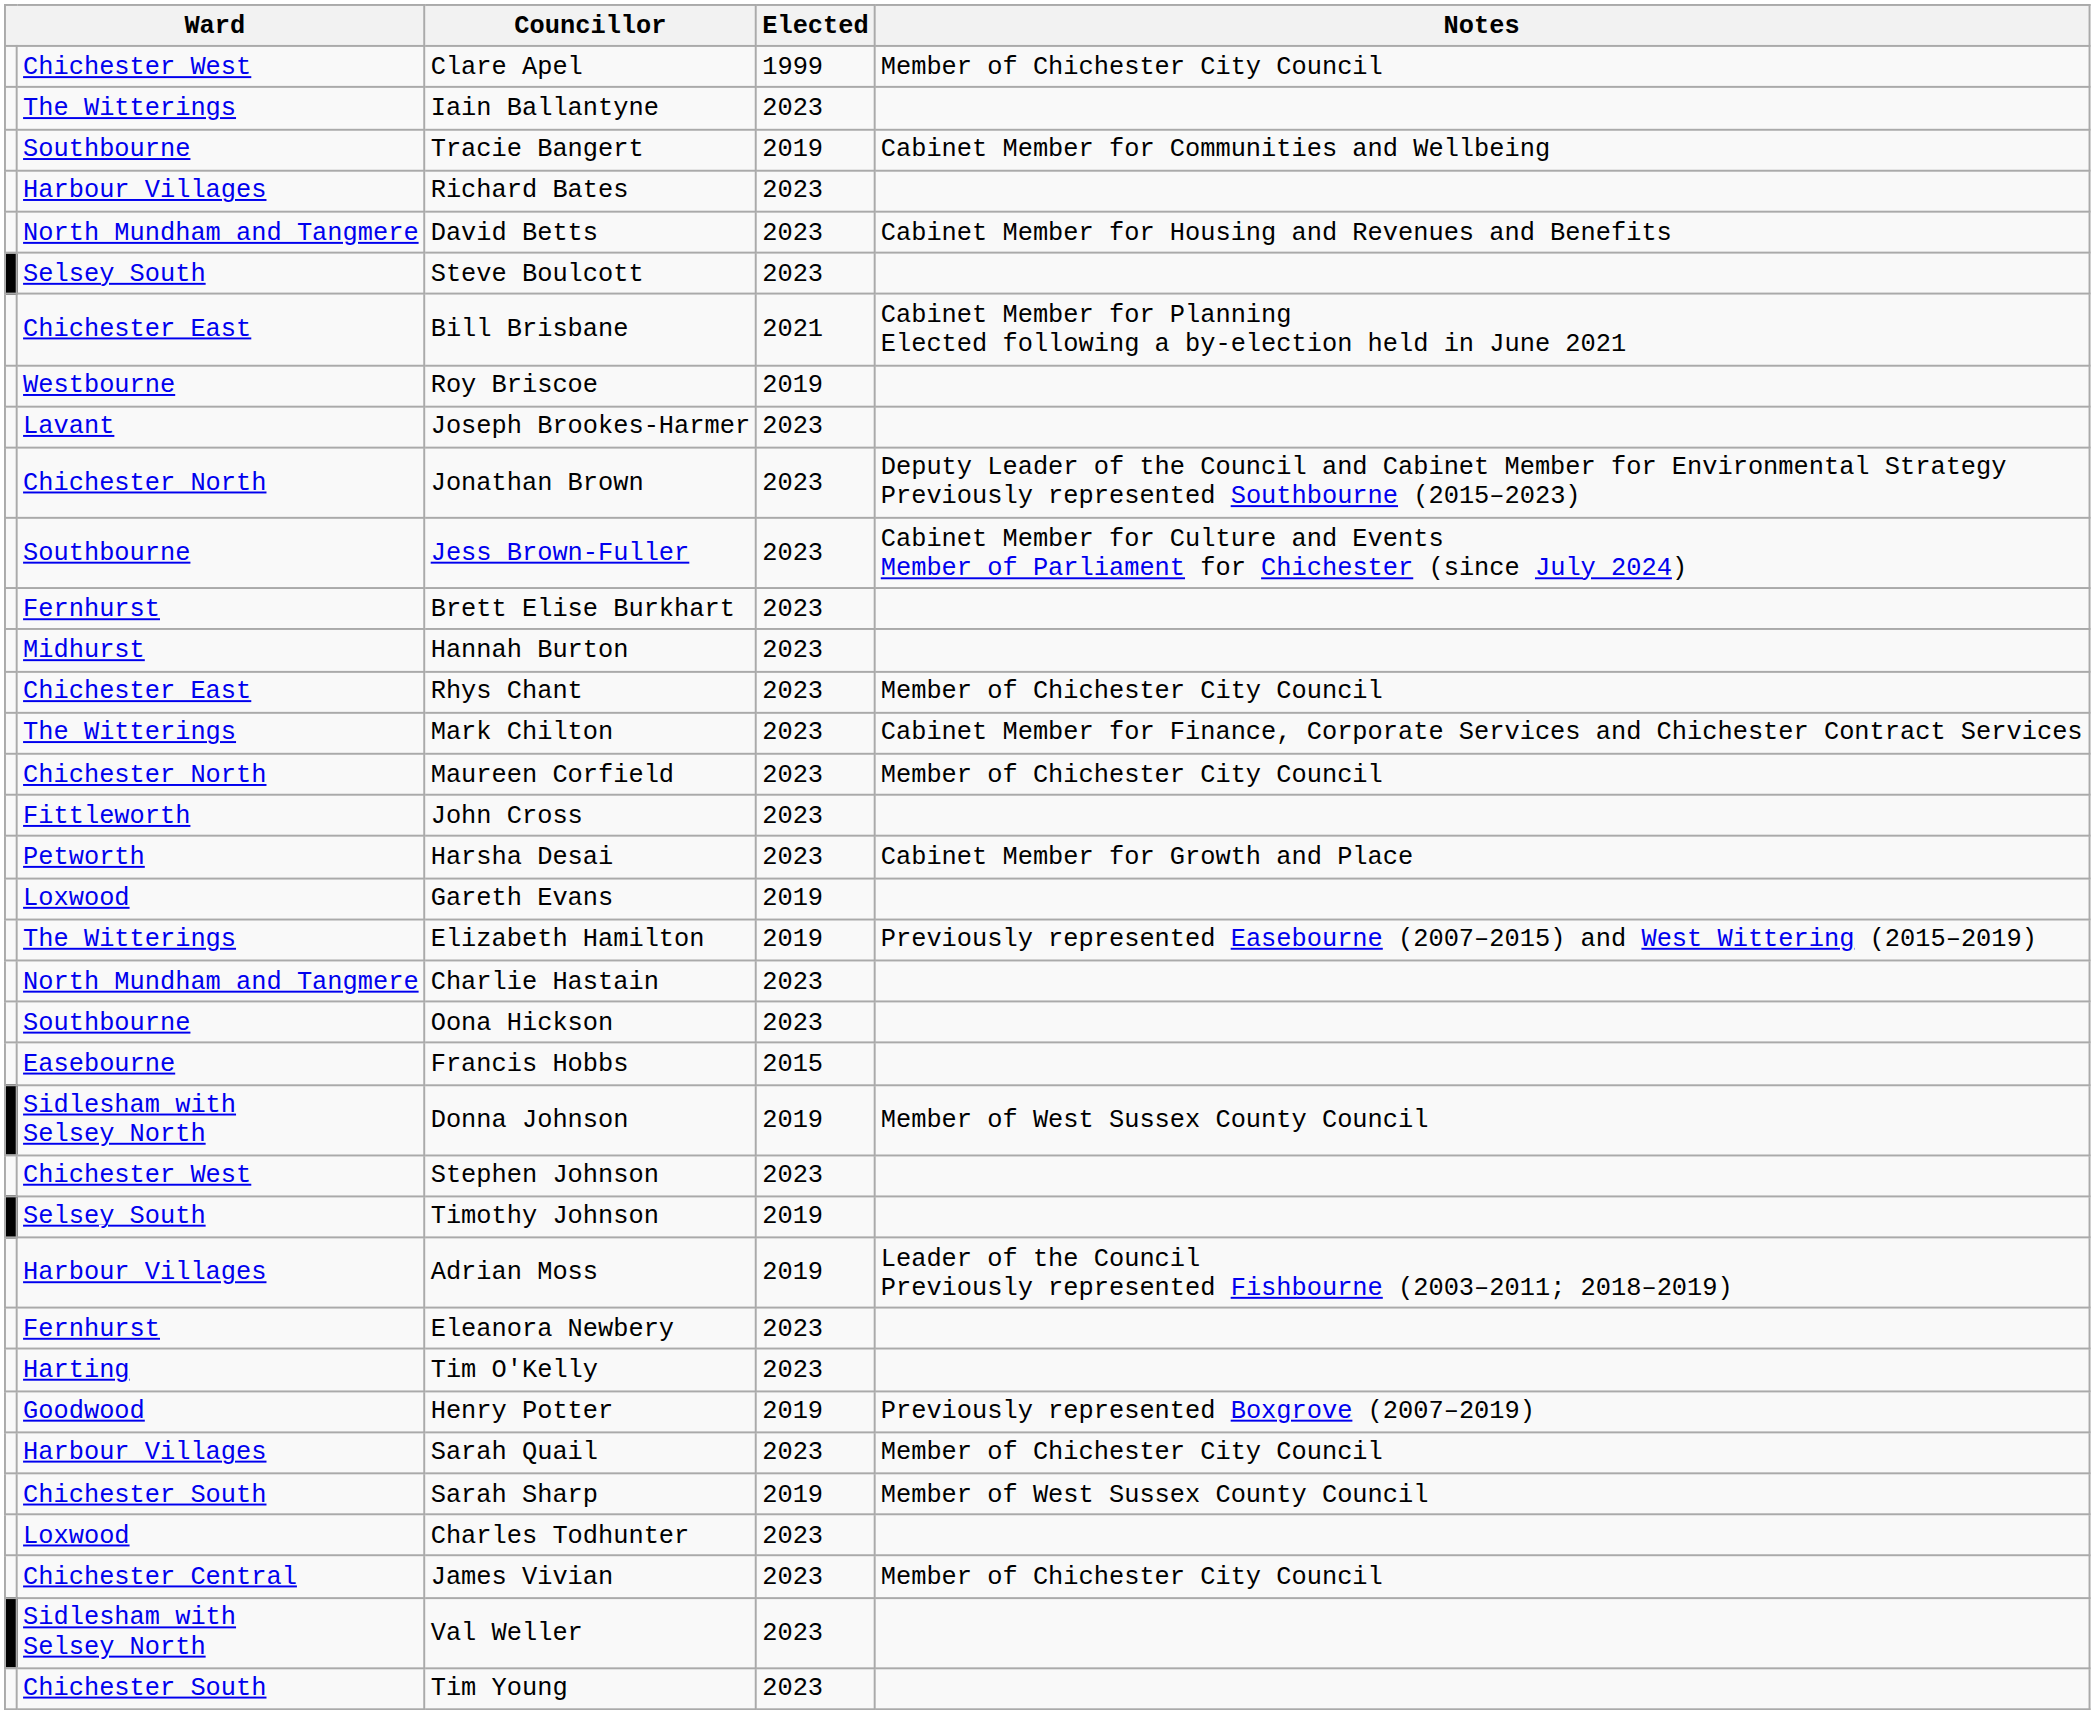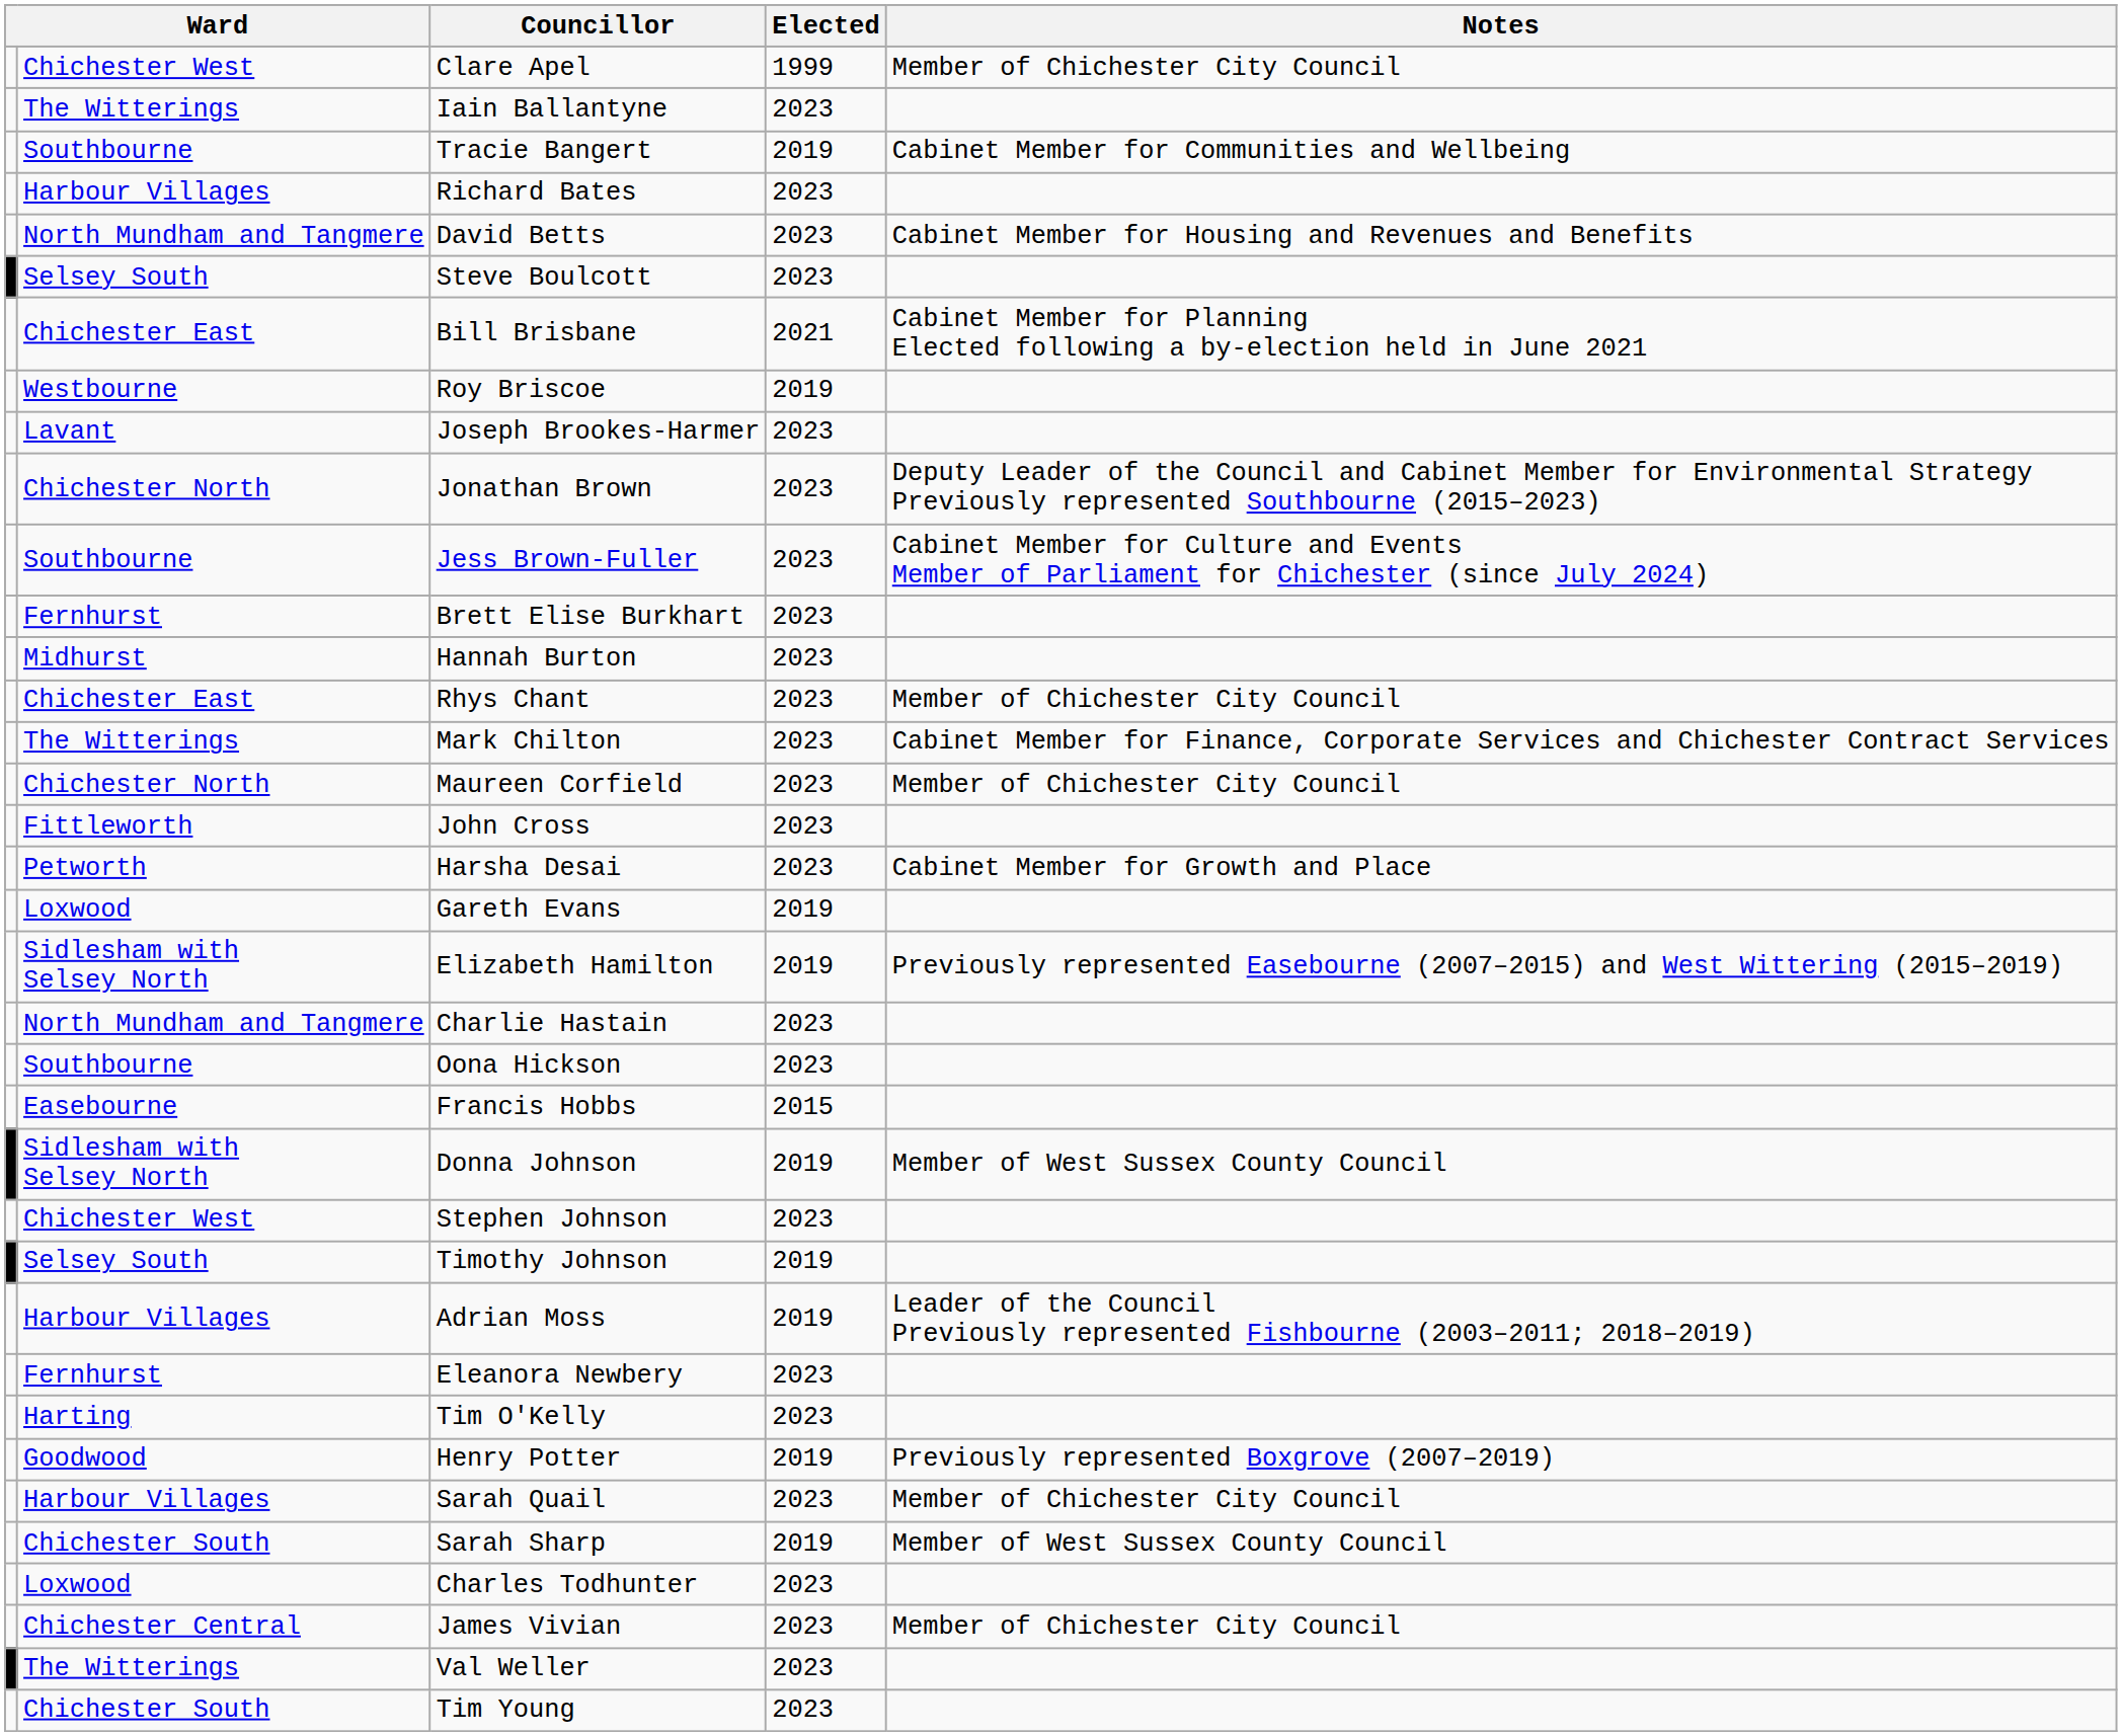 <table class="wikitable sortable mw-collapsible mw-collapsed">
 <tr>
 <th colspan=2>Ward</th>
 <th>Councillor</th>
 <th>Elected</th>
 <th>Notes</th>
 </tr>
 <tr>
 <td></td>
 <td><a href='#'>Chichester West</a></td>
 <td data-sort-value="Apel Clare">Clare Apel</td>
 <td>1999</td>
 <td>Member of Chichester City Council</td>
 </tr>
 <tr>
 <td></td>
 <td><a href='#'>The Witterings</a></td>
 <td data-sort-value="Ballantyne Iain">Iain Ballantyne</td>
 <td>2023</td>
 <td></td>
 </tr>
 <tr>
 <td></td>
 <td><a href='#'>Southbourne</a></td>
 <td data-sort-value="Bangert Tracie">Tracie Bangert</td>
 <td>2019</td>
 <td>Cabinet Member for Communities and Wellbeing</td>
 </tr>
 <tr>
 <td></td>
 <td><a href='#'>Harbour Villages</a></td>
 <td data-sort-value="Bates Richard">Richard Bates</td>
 <td>2023</td>
 <td></td>
 </tr>
 <tr>
 <td></td>
 <td><a href='#'>North Mundham and Tangmere</a></td>
 <td data-sort-value="Betts David">David Betts</td>
 <td>2023</td>
 <td>Cabinet Member for Housing and Revenues and Benefits</td>
 </tr>
 <tr>
 <td style="color:inherit;background:#000000"></td>
 <td><a href='#'>Selsey South</a></td>
 <td data-sort-value="Boulcott Steve">Steve Boulcott</td>
 <td>2023</td>
 <td></td>
 </tr>
 <tr>
 <td></td>
 <td><a href='#'>Chichester East</a></td>
 <td data-sort-value="Brisbane Bill">Bill Brisbane</td>
 <td>2021</td>
 <td>Cabinet Member for Planning<br>Elected following a by-election held in June 2021</td>
 </tr>
 <tr>
 <td></td>
 <td><a href='#'>Westbourne</a></td>
 <td data-sort-value="Briscoe Roy">Roy Briscoe</td>
 <td>2019</td>
 <td></td>
 </tr>
 <tr>
 <td></td>
 <td><a href='#'>Lavant</a></td>
 <td data-sort-value="Brookes-Harmer Joseph">Joseph Brookes-Harmer</td>
 <td>2023</td>
 <td></td>
 </tr>
 <tr>
 <td></td>
 <td><a href='#'>Chichester North</a></td>
 <td data-sort-value="Brown Jonathan">Jonathan Brown</td>
 <td>2023</td>
 <td>Deputy Leader of the Council and Cabinet Member for Environmental Strategy<br>Previously represented <a href='#'>Southbourne</a> (2015–2023)</td>
 </tr>
 <tr>
 <td></td>
 <td><a href='#'>Southbourne</a></td>
 <td data-sort-value="Brown-Fuller Jess"><a href='#'>Jess Brown-Fuller</a></td>
 <td>2023</td>
 <td>Cabinet Member for Culture and Events<br><a href='#'>Member of Parliament</a> for <a href='#'>Chichester</a> (since <a href='#'>July 2024</a>)</td>
 </tr>
 <tr>
 <td></td>
 <td><a href='#'>Fernhurst</a></td>
 <td data-sort-value="Burkhart Brett Elise">Brett Elise Burkhart</td>
 <td>2023</td>
 <td></td>
 </tr>
 <tr>
 <td></td>
 <td><a href='#'>Midhurst</a></td>
 <td data-sort-value="Burton Hannah">Hannah Burton</td>
 <td>2023</td>
 <td></td>
 </tr>
 <tr>
 <td></td>
 <td><a href='#'>Chichester East</a></td>
 <td data-sort-value="Chant Rhys">Rhys Chant</td>
 <td>2023</td>
 <td>Member of Chichester City Council</td>
 </tr>
 <tr>
 <td></td>
 <td><a href='#'>The Witterings</a></td>
 <td data-sort-value="Chilton Mark">Mark Chilton</td>
 <td>2023</td>
 <td>Cabinet Member for Finance, Corporate Services and Chichester Contract Services</td>
 </tr>
 <tr>
 <td></td>
 <td><a href='#'>Chichester North</a></td>
 <td data-sort-value="Corfield Maureen">Maureen Corfield</td>
 <td>2023</td>
 <td>Member of Chichester City Council</td>
 </tr>
 <tr>
 <td></td>
 <td><a href='#'>Fittleworth</a></td>
 <td data-sort-value="Cross John">John Cross</td>
 <td>2023</td>
 <td></td>
 </tr>
 <tr>
 <td></td>
 <td><a href='#'>Petworth</a></td>
 <td data-sort-value="Desai Harsha">Harsha Desai</td>
 <td>2023</td>
 <td>Cabinet Member for Growth and Place</td>
 </tr>
 <tr>
 <td></td>
 <td><a href='#'>Loxwood</a></td>
 <td data-sort-value="Evans Gareth">Gareth Evans</td>
 <td>2019</td>
 <td></td>
 </tr>
 <tr>
 <td></td>
-<td><a href='#'>The Witterings</a></td>
+<td><a href='#'>Sidlesham with<br> Selsey North</a></td>
 <td data-sort-value="Hamilton Elizabeth">Elizabeth Hamilton</td>
 <td>2019</td>
 <td>Previously represented <a href='#'>Easebourne</a> (2007–2015) and <a href='#'>West Wittering</a> (2015–2019)</td>
 </tr>
 <tr>
 <td></td>
 <td><a href='#'>North Mundham and Tangmere</a></td>
 <td data-sort-value="Hastain Charlie">Charlie Hastain</td>
 <td>2023</td>
 <td></td>
 </tr>
 <tr>
 <td></td>
 <td><a href='#'>Southbourne</a></td>
 <td data-sort-value="Hickson Oona">Oona Hickson</td>
 <td>2023</td>
 <td></td>
 </tr>
 <tr>
 <td></td>
 <td><a href='#'>Easebourne</a></td>
 <td data-sort-value="Hobbs Francis">Francis Hobbs</td>
 <td>2015</td>
 <td></td>
 </tr>
 <tr>
 <td style="color:inherit;background:#000000"></td>
 <td><a href='#'>Sidlesham with<br> Selsey North</a></td>
 <td data-sort-value="Johnson Donna">Donna Johnson</td>
 <td>2019</td>
 <td>Member of West Sussex County Council</td>
 </tr>
 <tr>
 <td></td>
 <td><a href='#'>Chichester West</a></td>
 <td data-sort-value="Johnson Stephen">Stephen Johnson</td>
 <td>2023</td>
 <td></td>
 </tr>
 <tr>
 <td style="color:inherit;background:#000000"></td>
 <td><a href='#'>Selsey South</a></td>
 <td data-sort-value="Johnson Timothy">Timothy Johnson</td>
 <td>2019</td>
 <td></td>
 </tr>
 <tr>
 <td></td>
 <td><a href='#'>Harbour Villages</a></td>
 <td data-sort-value="Moss Adrian">Adrian Moss</td>
 <td>2019</td>
 <td>Leader of the Council<br>Previously represented <a href='#'>Fishbourne</a> (2003–2011; 2018–2019)</td>
 </tr>
 <tr>
 <td></td>
 <td><a href='#'>Fernhurst</a></td>
 <td data-sort-value="Newbery Eleanora">Eleanora Newbery</td>
 <td>2023</td>
 <td></td>
 </tr>
 <tr>
 <td></td>
 <td><a href='#'>Harting</a></td>
 <td data-sort-value="O'Kelly Tim">Tim O'Kelly</td>
 <td>2023</td>
 <td></td>
 </tr>
 <tr>
 <td></td>
 <td><a href='#'>Goodwood</a></td>
 <td data-sort-value="Potter Henry">Henry Potter</td>
 <td>2019</td>
 <td>Previously represented <a href='#'>Boxgrove</a> (2007–2019)</td>
 </tr>
 <tr>
 <td></td>
 <td><a href='#'>Harbour Villages</a></td>
 <td data-sort-value="Quail Sarah">Sarah Quail</td>
 <td>2023</td>
 <td>Member of Chichester City Council</td>
 </tr>
 <tr>
 <td></td>
 <td><a href='#'>Chichester South</a></td>
 <td data-sort-value="Sharp Sarah">Sarah Sharp</td>
 <td>2019</td>
 <td>Member of West Sussex County Council</td>
 </tr>
 <tr>
 <td></td>
 <td><a href='#'>Loxwood</a></td>
 <td data-sort-value="Todhunter Charles">Charles Todhunter</td>
 <td>2023</td>
 </tr>
 <tr>
 <td></td>
 <td><a href='#'>Chichester Central</a></td>
 <td data-sort-value="Vivian James">James Vivian</td>
 <td>2023</td>
 <td>Member of Chichester City Council</td>
 </tr>
 <tr>
 <td style="color:inherit;background:#000000"></td>
-<td><a href='#'>Sidlesham with<br> Selsey North</a></td>
+<td><a href='#'>The Witterings</a></td>
 <td data-sort-value="Weller Val">Val Weller</td>
 <td>2023</td>
 <td></td>
 </tr>
 <tr>
 <td></td>
 <td><a href='#'>Chichester South</a></td>
 <td data-sort-value="Young Tim">Tim Young</td>
 <td>2023</td>
 <td></td>
 </tr>
 </table>
